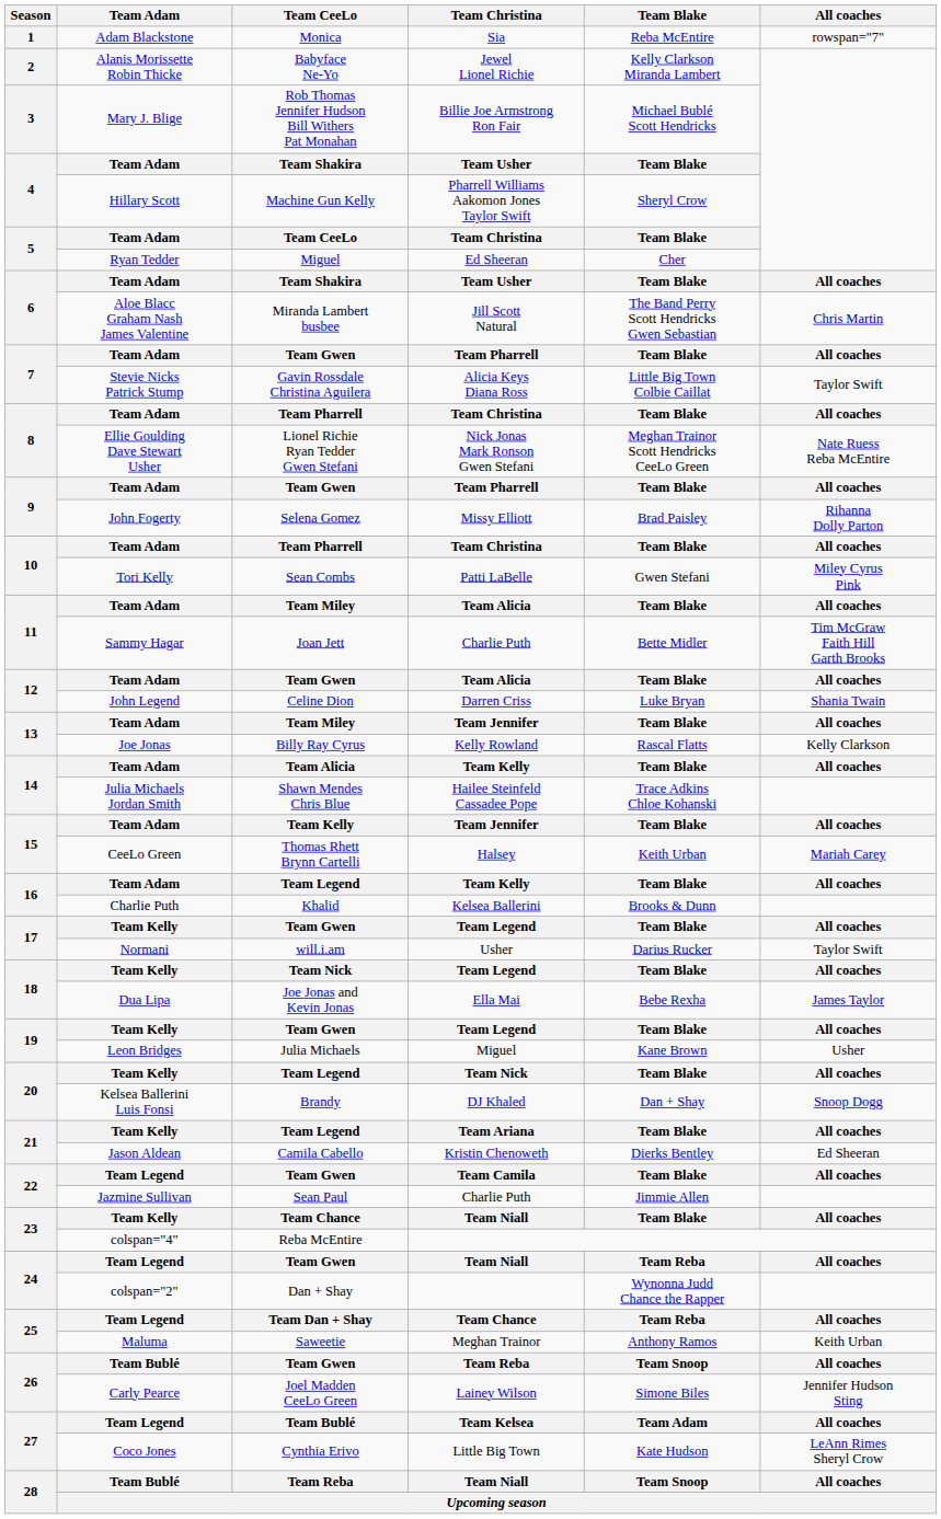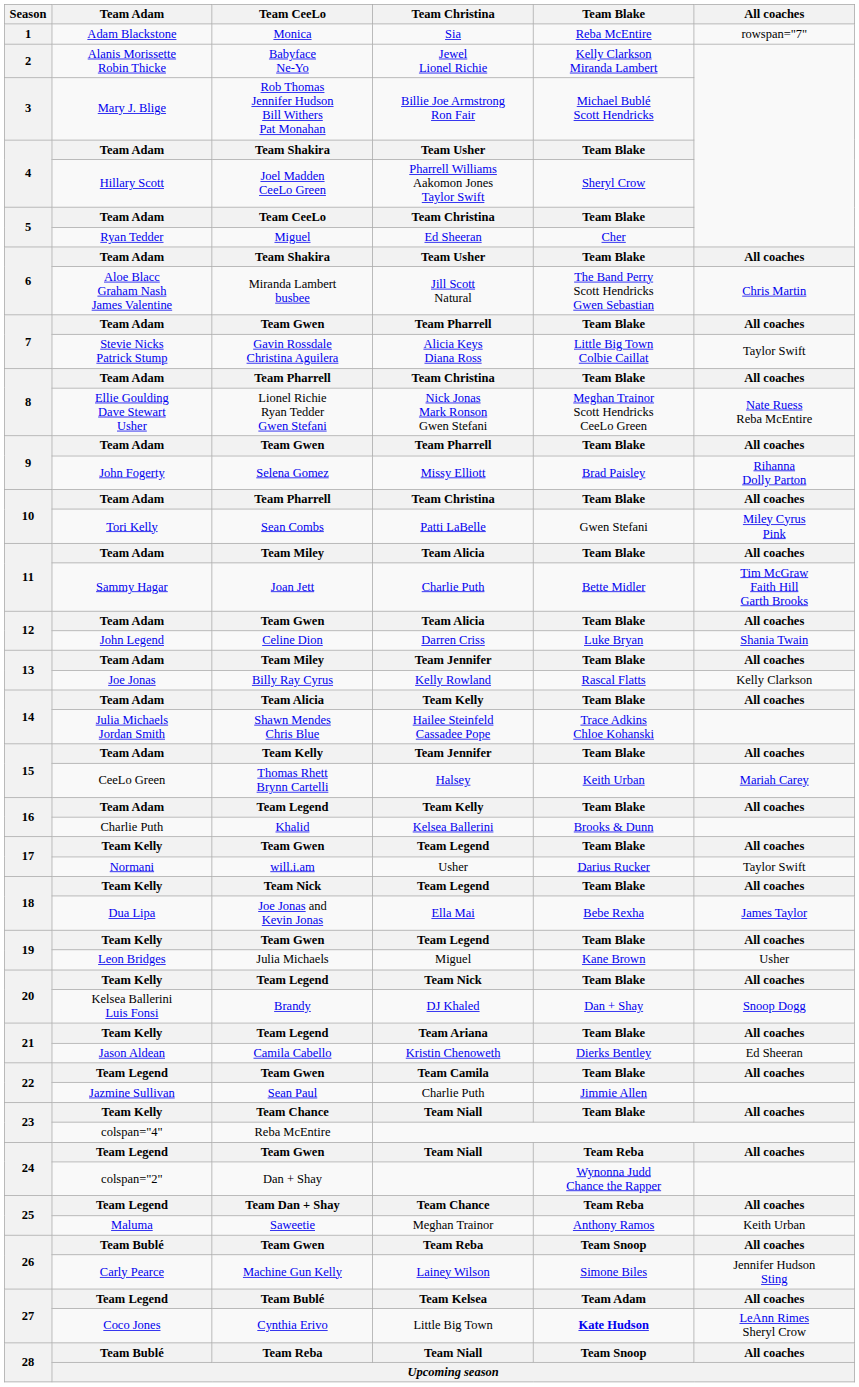 <table class="wikitable nowrap" style="text-align:center">
 <tr>
 <th style="width:5%" scope="col">Season</th>
 <th style="width:17%" scope="col">Team Adam</th>
 <th style="width:17%" scope="col">Team CeeLo</th>
 <th style="width:17%" scope="col">Team Christina</th>
 <th style="width:17%" scope="col">Team Blake</th>
 <th style="width:17%" scope="col">All coaches</th>
 </tr>
 <tr>
 <th scope="row">1</th>
 <td><a href='#'>Adam Blackstone</a></td>
 <td><a href='#'>Monica</a></td>
 <td><a href='#'>Sia</a></td>
 <td><a href='#'>Reba McEntire</a></td>
 <td>rowspan="7" </td>
 </tr>
 <tr>
 <th scope="row">2</th>
 <td><a href='#'>Alanis Morissette</a><br><a href='#'>Robin Thicke</a></td>
 <td><a href='#'>Babyface</a><br><a href='#'>Ne-Yo</a></td>
 <td><a href='#'>Jewel</a><br><a href='#'>Lionel Richie</a></td>
 <td><a href='#'>Kelly Clarkson</a><br><a href='#'>Miranda Lambert</a></td>
 </tr>
 <tr>
 <th scope="row">3</th>
 <td><a href='#'>Mary J. Blige</a></td>
 <td><a href='#'>Rob Thomas</a><br><a href='#'>Jennifer Hudson</a><br><a href='#'>Bill Withers</a><br><a href='#'>Pat Monahan</a></td>
 <td><a href='#'>Billie Joe Armstrong</a><br><a href='#'>Ron Fair</a></td>
 <td><a href='#'>Michael Bublé</a><br><a href='#'>Scott Hendricks</a></td>
 </tr>
 <tr>
 <th rowspan="2">4</th>
 <th scope="col">Team Adam</th>
 <th scope="col">Team Shakira</th>
 <th scope="col">Team Usher</th>
 <th scope="col">Team Blake</th>
 </tr>
 <tr>
 <td><a href='#'>Hillary Scott</a></td>
-<td><a href='#'>Machine Gun Kelly</a></td>
+<td><a href='#'>Joel Madden</a><br><a href='#'>CeeLo Green</a></td>
 <td><a href='#'>Pharrell Williams</a><br>Aakomon Jones<br><a href='#'>Taylor Swift</a></td>
 <td><a href='#'>Sheryl Crow</a></td>
 </tr>
 <tr>
 <th rowspan="2" style="width:5%">5</th>
 <th scope="col">Team Adam</th>
 <th scope="col">Team CeeLo</th>
 <th scope="col">Team Christina</th>
 <th scope="col">Team Blake</th>
 </tr>
 <tr>
 <td><a href='#'>Ryan Tedder</a></td>
 <td><a href='#'>Miguel</a></td>
 <td><a href='#'>Ed Sheeran</a></td>
 <td><a href='#'>Cher</a></td>
 </tr>
 <tr>
 <th rowspan="2" style="width:5%">6</th>
 <th scope="col">Team Adam</th>
 <th scope="col">Team Shakira</th>
 <th scope="col">Team Usher</th>
 <th scope="col">Team Blake</th>
 <th scope="col">All coaches</th>
 </tr>
 <tr>
 <td><a href='#'>Aloe Blacc</a><br><a href='#'>Graham Nash</a><br><a href='#'>James Valentine</a></td>
 <td>Miranda Lambert<br><a href='#'>busbee</a></td>
 <td><a href='#'>Jill Scott</a><br>Natural</td>
 <td><a href='#'>The Band Perry</a><br>Scott Hendricks<br><a href='#'>Gwen Sebastian</a></td>
 <td><a href='#'>Chris Martin</a></td>
 </tr>
 <tr>
 <th rowspan="2" style="width:5%">7</th>
 <th scope="col">Team Adam</th>
 <th scope="col">Team Gwen</th>
 <th scope="col">Team Pharrell</th>
 <th scope="col">Team Blake</th>
 <th scope="col">All coaches</th>
 </tr>
 <tr>
 <td><a href='#'>Stevie Nicks</a><br><a href='#'>Patrick Stump</a></td>
 <td><a href='#'>Gavin Rossdale</a><br><a href='#'>Christina Aguilera</a></td>
 <td><a href='#'>Alicia Keys</a><br><a href='#'>Diana Ross</a></td>
 <td><a href='#'>Little Big Town</a><br><a href='#'>Colbie Caillat</a></td>
 <td>Taylor Swift</td>
 </tr>
 <tr>
 <th rowspan="2" style="width:5%">8</th>
 <th scope="col">Team Adam</th>
 <th scope="col">Team Pharrell</th>
 <th scope="col">Team Christina</th>
 <th scope="col">Team Blake</th>
 <th scope="col">All coaches</th>
 </tr>
 <tr>
 <td><a href='#'>Ellie Goulding</a><br><a href='#'>Dave Stewart</a><br><a href='#'>Usher</a></td>
 <td>Lionel Richie<br>Ryan Tedder<br><a href='#'>Gwen Stefani</a></td>
 <td><a href='#'>Nick Jonas</a><br><a href='#'>Mark Ronson</a><br>Gwen Stefani</td>
 <td><a href='#'>Meghan Trainor</a><br>Scott Hendricks<br>CeeLo Green</td>
 <td><a href='#'>Nate Ruess</a><br>Reba McEntire</td>
 </tr>
 <tr>
 <th rowspan="2">9</th>
 <th scope="col">Team Adam</th>
 <th scope="col">Team Gwen</th>
 <th scope="col">Team Pharrell</th>
 <th scope="col">Team Blake</th>
 <th scope="col">All coaches</th>
 </tr>
 <tr>
 <td><a href='#'>John Fogerty</a></td>
 <td><a href='#'>Selena Gomez</a></td>
 <td><a href='#'>Missy Elliott</a></td>
 <td><a href='#'>Brad Paisley</a></td>
 <td><a href='#'>Rihanna</a><br><a href='#'>Dolly Parton</a></td>
 </tr>
 <tr>
 <th rowspan="2">10</th>
 <th scope="col">Team Adam</th>
 <th scope="col">Team Pharrell</th>
 <th scope="col">Team Christina</th>
 <th scope="col">Team Blake</th>
 <th scope="col">All coaches</th>
 </tr>
 <tr>
 <td><a href='#'>Tori Kelly</a></td>
 <td><a href='#'>Sean Combs</a></td>
 <td><a href='#'>Patti LaBelle</a></td>
 <td>Gwen Stefani</td>
 <td><a href='#'>Miley Cyrus</a><br><a href='#'>Pink</a></td>
 </tr>
 <tr>
 <th rowspan="2">11</th>
 <th scope="col">Team Adam</th>
 <th scope="col">Team Miley</th>
 <th scope="col">Team Alicia</th>
 <th scope="col">Team Blake</th>
 <th scope="col">All coaches</th>
 </tr>
 <tr>
 <td><a href='#'>Sammy Hagar</a></td>
 <td><a href='#'>Joan Jett</a></td>
 <td><a href='#'>Charlie Puth</a></td>
 <td><a href='#'>Bette Midler</a></td>
 <td><a href='#'>Tim McGraw</a><br><a href='#'>Faith Hill</a><br><a href='#'>Garth Brooks</a></td>
 </tr>
 <tr>
 <th rowspan="2">12</th>
 <th scope="col">Team Adam</th>
 <th scope="col">Team Gwen</th>
 <th scope="col">Team Alicia</th>
 <th scope="col">Team Blake</th>
 <th scope="col">All coaches</th>
 </tr>
 <tr>
 <td><a href='#'>John Legend</a></td>
 <td><a href='#'>Celine Dion</a></td>
 <td><a href='#'>Darren Criss</a></td>
 <td><a href='#'>Luke Bryan</a></td>
 <td><a href='#'>Shania Twain</a></td>
 </tr>
 <tr>
 <th rowspan="2" style="width:5%">13</th>
 <th scope="col">Team Adam</th>
 <th scope="col">Team Miley</th>
 <th scope="col">Team Jennifer</th>
 <th scope="col">Team Blake</th>
 <th scope="col">All coaches</th>
 </tr>
 <tr>
 <td><a href='#'>Joe Jonas</a></td>
 <td><a href='#'>Billy Ray Cyrus</a></td>
 <td><a href='#'>Kelly Rowland</a></td>
 <td><a href='#'>Rascal Flatts</a></td>
 <td>Kelly Clarkson</td>
 </tr>
 <tr>
 <th rowspan="2" style="width:5%">14</th>
 <th scope="col">Team Adam</th>
 <th scope="col">Team Alicia</th>
 <th scope="col">Team Kelly</th>
 <th scope="col">Team Blake</th>
 <th scope="col">All coaches</th>
 </tr>
 <tr>
 <td><a href='#'>Julia Michaels</a><br><a href='#'>Jordan Smith</a></td>
 <td><a href='#'>Shawn Mendes</a><br><a href='#'>Chris Blue</a></td>
 <td><a href='#'>Hailee Steinfeld</a><br><a href='#'>Cassadee Pope</a></td>
 <td><a href='#'>Trace Adkins</a><br><a href='#'>Chloe Kohanski</a></td>
 <td></td>
 </tr>
 <tr>
 <th rowspan="2">15</th>
 <th scope="col">Team Adam</th>
 <th scope="col">Team Kelly</th>
 <th scope="col">Team Jennifer</th>
 <th scope="col">Team Blake</th>
 <th scope="col">All coaches</th>
 </tr>
 <tr>
 <td>CeeLo Green</td>
 <td><a href='#'>Thomas Rhett</a><br><a href='#'>Brynn Cartelli</a></td>
 <td><a href='#'>Halsey</a></td>
 <td><a href='#'>Keith Urban</a></td>
 <td><a href='#'>Mariah Carey</a></td>
 </tr>
 <tr>
 <th rowspan="2">16</th>
 <th scope="col">Team Adam</th>
 <th scope="col">Team Legend</th>
 <th scope="col">Team Kelly</th>
 <th scope="col">Team Blake</th>
 <th scope="col">All coaches</th>
 </tr>
 <tr>
 <td>Charlie Puth</td>
 <td><a href='#'>Khalid</a></td>
 <td><a href='#'>Kelsea Ballerini</a></td>
 <td><a href='#'>Brooks & Dunn</a></td>
 <td></td>
 </tr>
 <tr>
 <th rowspan="2">17</th>
 <th scope="col">Team Kelly</th>
 <th scope="col">Team Gwen</th>
 <th scope="col">Team Legend</th>
 <th scope="col">Team Blake</th>
 <th scope="col">All coaches</th>
 </tr>
 <tr>
 <td><a href='#'>Normani</a></td>
 <td><a href='#'>will.i.am</a></td>
 <td>Usher</td>
 <td><a href='#'>Darius Rucker</a></td>
 <td>Taylor Swift</td>
 </tr>
 <tr>
 <th rowspan="2">18</th>
 <th scope="col">Team Kelly</th>
 <th scope="col">Team Nick</th>
 <th scope="col">Team Legend</th>
 <th scope="col">Team Blake</th>
 <th scope="col">All coaches</th>
 </tr>
 <tr>
 <td><a href='#'>Dua Lipa</a></td>
 <td><a href='#'>Joe Jonas</a> and<br><a href='#'>Kevin Jonas</a></td>
 <td><a href='#'>Ella Mai</a></td>
 <td><a href='#'>Bebe Rexha</a></td>
 <td><a href='#'>James Taylor</a></td>
 </tr>
 <tr>
 <th rowspan="2">19</th>
 <th scope="col">Team Kelly</th>
 <th scope="col">Team Gwen</th>
 <th scope="col">Team Legend</th>
 <th scope="col">Team Blake</th>
 <th scope="col">All coaches</th>
 </tr>
 <tr>
 <td><a href='#'>Leon Bridges</a></td>
 <td>Julia Michaels</td>
 <td>Miguel</td>
 <td><a href='#'>Kane Brown</a></td>
 <td>Usher</td>
 </tr>
 <tr>
 <th rowspan="2">20</th>
 <th scope="col">Team Kelly</th>
 <th scope="col">Team Legend</th>
 <th scope="col">Team Nick</th>
 <th scope="col">Team Blake</th>
 <th scope="col">All coaches</th>
 </tr>
 <tr>
 <td>Kelsea Ballerini<br><a href='#'>Luis Fonsi</a></td>
 <td><a href='#'>Brandy</a></td>
 <td><a href='#'>DJ Khaled</a></td>
 <td><a href='#'>Dan + Shay</a></td>
 <td><a href='#'>Snoop Dogg</a></td>
 </tr>
 <tr>
 <th rowspan="2">21</th>
 <th>Team Kelly</th>
 <th>Team Legend</th>
 <th>Team Ariana</th>
 <th>Team Blake</th>
 <th>All coaches</th>
 </tr>
 <tr>
 <td><a href='#'>Jason Aldean</a></td>
 <td><a href='#'>Camila Cabello</a></td>
 <td><a href='#'>Kristin Chenoweth</a></td>
 <td><a href='#'>Dierks Bentley</a></td>
 <td>Ed Sheeran</td>
 </tr>
 <tr>
 <th rowspan="2">22</th>
 <th>Team Legend</th>
 <th>Team Gwen</th>
 <th>Team Camila</th>
 <th>Team Blake</th>
 <th>All coaches</th>
 </tr>
 <tr>
 <td><a href='#'>Jazmine Sullivan</a></td>
 <td><a href='#'>Sean Paul</a></td>
 <td>Charlie Puth</td>
 <td><a href='#'>Jimmie Allen</a></td>
 <td></td>
 </tr>
 <tr>
 <th rowspan="2">23</th>
 <th>Team Kelly</th>
 <th>Team Chance</th>
 <th>Team Niall</th>
 <th>Team Blake</th>
 <th>All coaches</th>
 </tr>
 <tr>
 <td>colspan="4" </td>
 <td>Reba McEntire</td>
 </tr>
 <tr>
 <th rowspan="2">24</th>
 <th>Team Legend</th>
 <th>Team Gwen</th>
 <th>Team Niall</th>
 <th>Team Reba</th>
 <th>All coaches</th>
 </tr>
 <tr>
 <td>colspan="2" </td>
 <td>Dan + Shay</td>
 <td></td>
 <td><a href='#'>Wynonna Judd</a><br><a href='#'>Chance the Rapper</a></td>
 </tr>
 <tr>
 <th rowspan="2">25</th>
 <th>Team Legend</th>
 <th>Team Dan + Shay</th>
 <th>Team Chance</th>
 <th>Team Reba</th>
 <th>All coaches</th>
 </tr>
 <tr>
 <td><a href='#'>Maluma</a></td>
 <td><a href='#'>Saweetie</a></td>
 <td>Meghan Trainor</td>
 <td><a href='#'>Anthony Ramos</a></td>
 <td>Keith Urban</td>
 </tr>
 <tr>
 <th rowspan="2">26</th>
 <th>Team Bublé</th>
 <th>Team Gwen</th>
 <th>Team Reba</th>
 <th>Team Snoop</th>
 <th>All coaches</th>
 </tr>
 <tr>
 <td><a href='#'>Carly Pearce</a></td>
-<td><a href='#'>Joel Madden</a><br><a href='#'>CeeLo Green</a></td>
+<td><a href='#'>Machine Gun Kelly</a></td>
 <td><a href='#'>Lainey Wilson</a></td>
 <td><a href='#'>Simone Biles</a></td>
 <td>Jennifer Hudson<br><a href='#'>Sting</a></td>
 </tr>
 <tr>
 <th rowspan="2">27</th>
 <th>Team Legend</th>
 <th>Team Bublé</th>
 <th>Team Kelsea</th>
 <th>Team Adam</th>
 <th>All coaches</th>
 </tr>
 <tr>
 <td><a href='#'>Coco Jones</a></td>
 <td><a href='#'>Cynthia Erivo</a></td>
 <td>Little Big Town</td>
-<td><a href='#'>Kate Hudson</a></td>
+<td><strong><a href='#'>Kate Hudson</a></strong></td>
 <td><a href='#'>LeAnn Rimes</a><br>Sheryl Crow</td>
 </tr>
 <tr>
 <th rowspan="2">28</th>
 <th>Team Bublé</th>
 <th>Team Reba</th>
 <th>Team Niall</th>
 <th>Team Snoop</th>
 <th>All coaches</th>
 </tr>
 <tr>
 <th colspan="5"><em>Upcoming season</em></th>
 </tr>
 </table>
